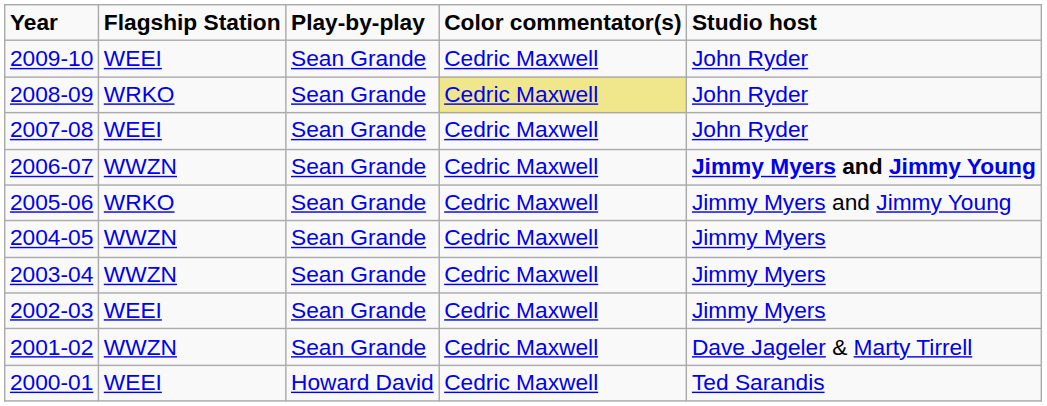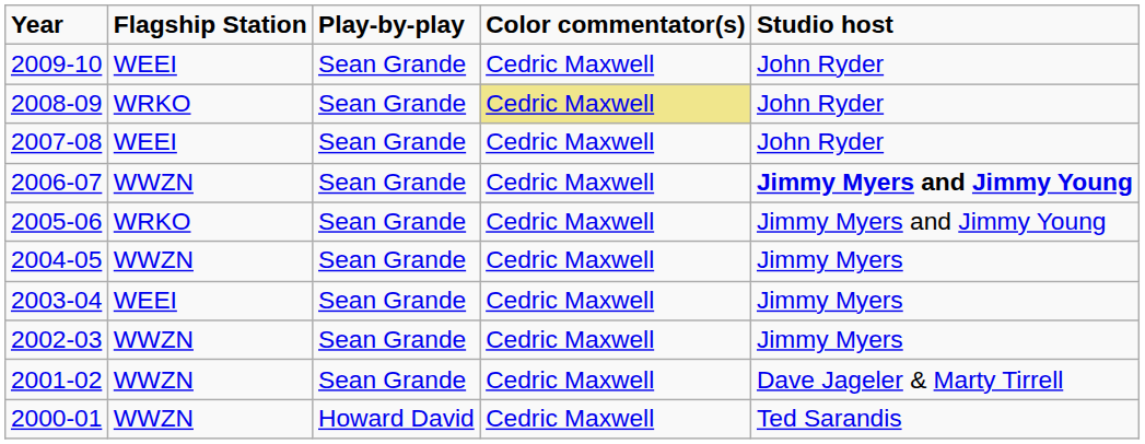 <table class="wikitable">
 <tr>
 <td><strong>Year</strong></td>
 <td><strong>Flagship Station</strong></td>
 <td><strong>Play-by-play</strong></td>
 <td><strong>Color commentator(s)</strong></td>
 <td><strong>Studio host</strong></td>
 </tr>
 <tr>
 <td><a href='#'>2009-10</a></td>
 <td><a href='#'>WEEI</a></td>
 <td><a href='#'>Sean Grande</a></td>
 <td><a href='#'>Cedric Maxwell</a></td>
 <td><a href='#'>John Ryder</a></td>
 </tr>
 <tr>
 <td><a href='#'>2008-09</a></td>
 <td><a href='#'>WRKO</a></td>
 <td><a href='#'>Sean Grande</a></td>
 <td style="background: khaki;"><a href='#'>Cedric Maxwell</a></td>
 <td><a href='#'>John Ryder</a></td>
 </tr>
 <tr>
 <td><a href='#'>2007-08</a></td>
 <td><a href='#'>WEEI</a></td>
 <td><a href='#'>Sean Grande</a></td>
 <td><a href='#'>Cedric Maxwell</a></td>
 <td><a href='#'>John Ryder</a></td>
 </tr>
 <tr>
 <td><a href='#'>2006-07</a></td>
 <td><a href='#'>WWZN</a></td>
 <td><a href='#'>Sean Grande</a></td>
 <td><a href='#'>Cedric Maxwell</a></td>
 <td><strong><a href='#'>Jimmy Myers</a> and <a href='#'>Jimmy Young</a></strong></td>
 </tr>
 <tr>
 <td><a href='#'>2005-06</a></td>
 <td><a href='#'>WRKO</a></td>
 <td><a href='#'>Sean Grande</a></td>
 <td><a href='#'>Cedric Maxwell</a></td>
 <td><a href='#'>Jimmy Myers</a> and <a href='#'>Jimmy Young</a></td>
 </tr>
 <tr>
 <td><a href='#'>2004-05</a></td>
 <td><a href='#'>WWZN</a></td>
 <td><a href='#'>Sean Grande</a></td>
 <td><a href='#'>Cedric Maxwell</a></td>
 <td><a href='#'>Jimmy Myers</a></td>
 </tr>
 <tr>
 <td><a href='#'>2003-04</a></td>
-<td><a href='#'>WWZN</a></td>
+<td><a href='#'>WEEI</a></td>
 <td><a href='#'>Sean Grande</a></td>
 <td><a href='#'>Cedric Maxwell</a></td>
 <td><a href='#'>Jimmy Myers</a></td>
 </tr>
 <tr>
 <td><a href='#'>2002-03</a></td>
-<td><a href='#'>WEEI</a></td>
+<td><a href='#'>WWZN</a></td>
 <td><a href='#'>Sean Grande</a></td>
 <td><a href='#'>Cedric Maxwell</a></td>
 <td><a href='#'>Jimmy Myers</a></td>
 </tr>
 <tr>
 <td><a href='#'>2001-02</a></td>
 <td><a href='#'>WWZN</a></td>
 <td><a href='#'>Sean Grande</a></td>
 <td><a href='#'>Cedric Maxwell</a></td>
 <td><a href='#'>Dave Jageler</a> & <a href='#'>Marty Tirrell</a></td>
 </tr>
 <tr>
 <td><a href='#'>2000-01</a></td>
-<td><a href='#'>WEEI</a></td>
+<td><a href='#'>WWZN</a></td>
 <td><a href='#'>Howard David</a></td>
 <td><a href='#'>Cedric Maxwell</a></td>
 <td><a href='#'>Ted Sarandis</a></td>
 </tr>
 </table>
